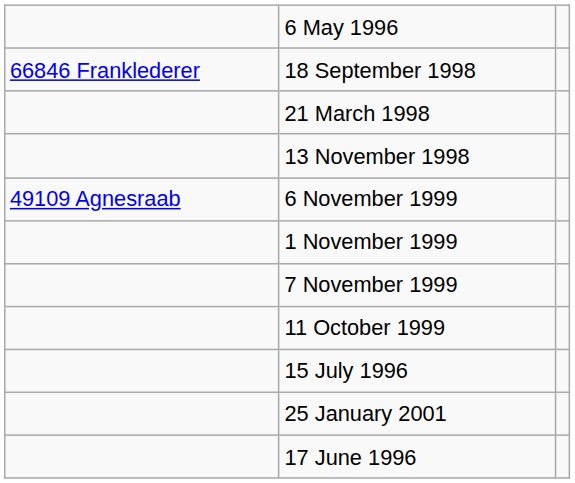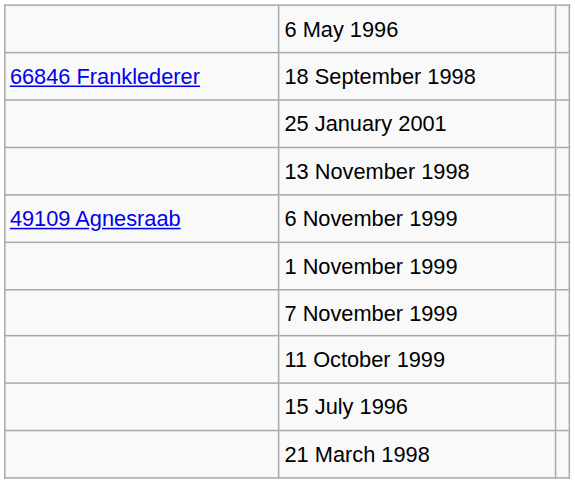 <table class="wikitable" style="font-size: 89%; float: left; width: 26em; margin-right: 1em; height: 310px;">
 <tr>
 <td></td>
 <td>6 May 1996</td>
 <td></td>
 </tr>
 <tr>
 <td><a href='#'>66846 Franklederer</a></td>
 <td>18 September 1998</td>
 <td></td>
 </tr>
 <tr>
 <td></td>
-<td>21 March 1998</td>
+<td>25 January 2001</td>
 <td></td>
 </tr>
 <tr>
 <td></td>
 <td>13 November 1998</td>
 <td></td>
 </tr>
 <tr>
 <td><a href='#'>49109 Agnesraab</a></td>
 <td>6 November 1999</td>
 <td></td>
 </tr>
 <tr>
 <td></td>
 <td>1 November 1999</td>
 <td></td>
 </tr>
 <tr>
 <td></td>
 <td>7 November 1999</td>
 <td></td>
 </tr>
 <tr>
 <td></td>
 <td>11 October 1999</td>
 <td></td>
 </tr>
 <tr>
 <td></td>
 <td>15 July 1996</td>
 <td></td>
 </tr>
 <tr>
 <td></td>
-<td>25 January 2001</td>
-<td></td>
-</tr>
-<tr>
-<td></td>
-<td>17 June 1996</td>
+<td>21 March 1998</td>
 <td></td>
 </tr>
 </table>
